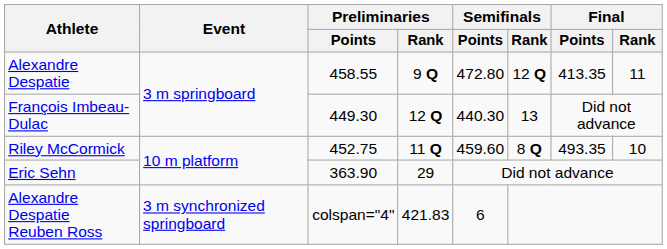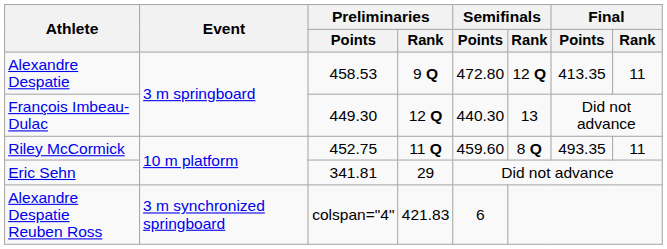 <table class=wikitable style="font-size:90%">
 <tr>
 <th rowspan=2>Athlete</th>
 <th rowspan=2>Event</th>
 <th colspan="2">Preliminaries</th>
 <th colspan="2">Semifinals</th>
 <th colspan="2">Final</th>
 </tr>
 <tr style="font-size:95%">
 <th>Points</th>
 <th>Rank</th>
 <th>Points</th>
 <th>Rank</th>
 <th>Points</th>
 <th>Rank</th>
 </tr>
 <tr align=center>
 <td align=left><a href='#'>Alexandre Despatie</a></td>
 <td align=left rowspan=2><a href='#'>3 m springboard</a></td>
-<td>458.55</td>
+<td>458.53</td>
 <td>9 <strong>Q</strong></td>
 <td>472.80</td>
 <td>12 <strong>Q</strong></td>
 <td>413.35</td>
 <td>11</td>
 </tr>
 <tr align=center>
 <td align=left><a href='#'>François Imbeau-Dulac</a></td>
 <td>449.30</td>
 <td>12 <strong>Q</strong></td>
 <td>440.30</td>
 <td>13</td>
 <td colspan=2>Did not advance</td>
 </tr>
 <tr align=center>
 <td align=left><a href='#'>Riley McCormick</a></td>
 <td align=left rowspan=2><a href='#'>10 m platform</a></td>
 <td>452.75</td>
 <td>11 <strong>Q</strong></td>
 <td>459.60</td>
 <td>8 <strong>Q</strong></td>
 <td>493.35</td>
-<td>10</td>
+<td>11</td>
 </tr>
 <tr align=center>
 <td align=left><a href='#'>Eric Sehn</a></td>
-<td>363.90</td>
+<td>341.81</td>
 <td>29</td>
 <td colspan=4>Did not advance</td>
 </tr>
 <tr align=center>
 <td align=left><a href='#'>Alexandre Despatie</a><br> <a href='#'>Reuben Ross</a></td>
 <td align=left><a href='#'>3 m synchronized springboard</a></td>
 <td>colspan="4" </td>
 <td>421.83</td>
 <td>6</td>
 </tr>
 </table>
